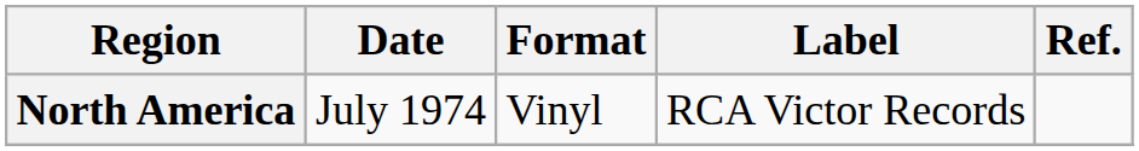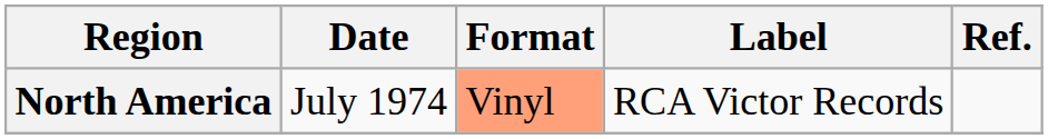 <table class="wikitable plainrowheaders">
 <tr>
 <th scope="col">Region</th>
 <th scope="col">Date</th>
 <th scope="col">Format</th>
 <th scope="col">Label</th>
 <th scope="col">Ref.</th>
 </tr>
 <tr>
 <th scope="row">North America</th>
 <td>July 1974</td>
-<td>Vinyl</td>
+<td style="background: lightsalmon;">Vinyl</td>
 <td>RCA Victor Records</td>
 <td></td>
 </tr>
 <tr>
 </tr>
 </table>
